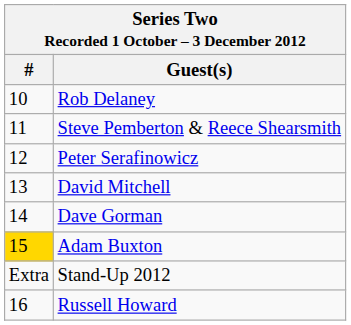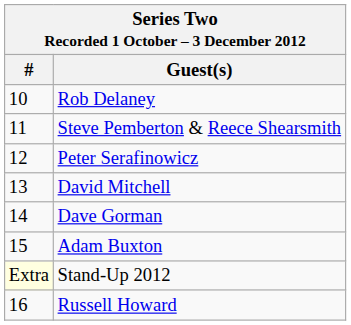 <table class="wikitable">
 <tr>
 <th colspan="3">Series Two<br><small>Recorded 1 October – 3 December 2012</small></th>
 </tr>
 <tr>
 <th>#</th>
 <th>Guest(s)</th>
 </tr>
 <tr>
 <td>10</td>
 <td><a href='#'>Rob Delaney</a></td>
 </tr>
 <tr>
 <td>11</td>
 <td><a href='#'>Steve Pemberton</a> & <a href='#'>Reece Shearsmith</a></td>
 </tr>
 <tr>
 <td>12</td>
 <td><a href='#'>Peter Serafinowicz</a></td>
 </tr>
 <tr>
 <td>13</td>
 <td><a href='#'>David Mitchell</a></td>
 </tr>
 <tr>
 <td>14</td>
 <td><a href='#'>Dave Gorman</a></td>
 </tr>
 <tr>
-<td style="background: gold;">15</td>
+<td>15</td>
 <td><a href='#'>Adam Buxton</a></td>
 </tr>
 <tr>
-<td>Extra</td>
+<td style="background: lightyellow;">Extra</td>
 <td>Stand-Up 2012</td>
 </tr>
 <tr>
 <td>16</td>
 <td><a href='#'>Russell Howard</a></td>
 </tr>
 </table>
